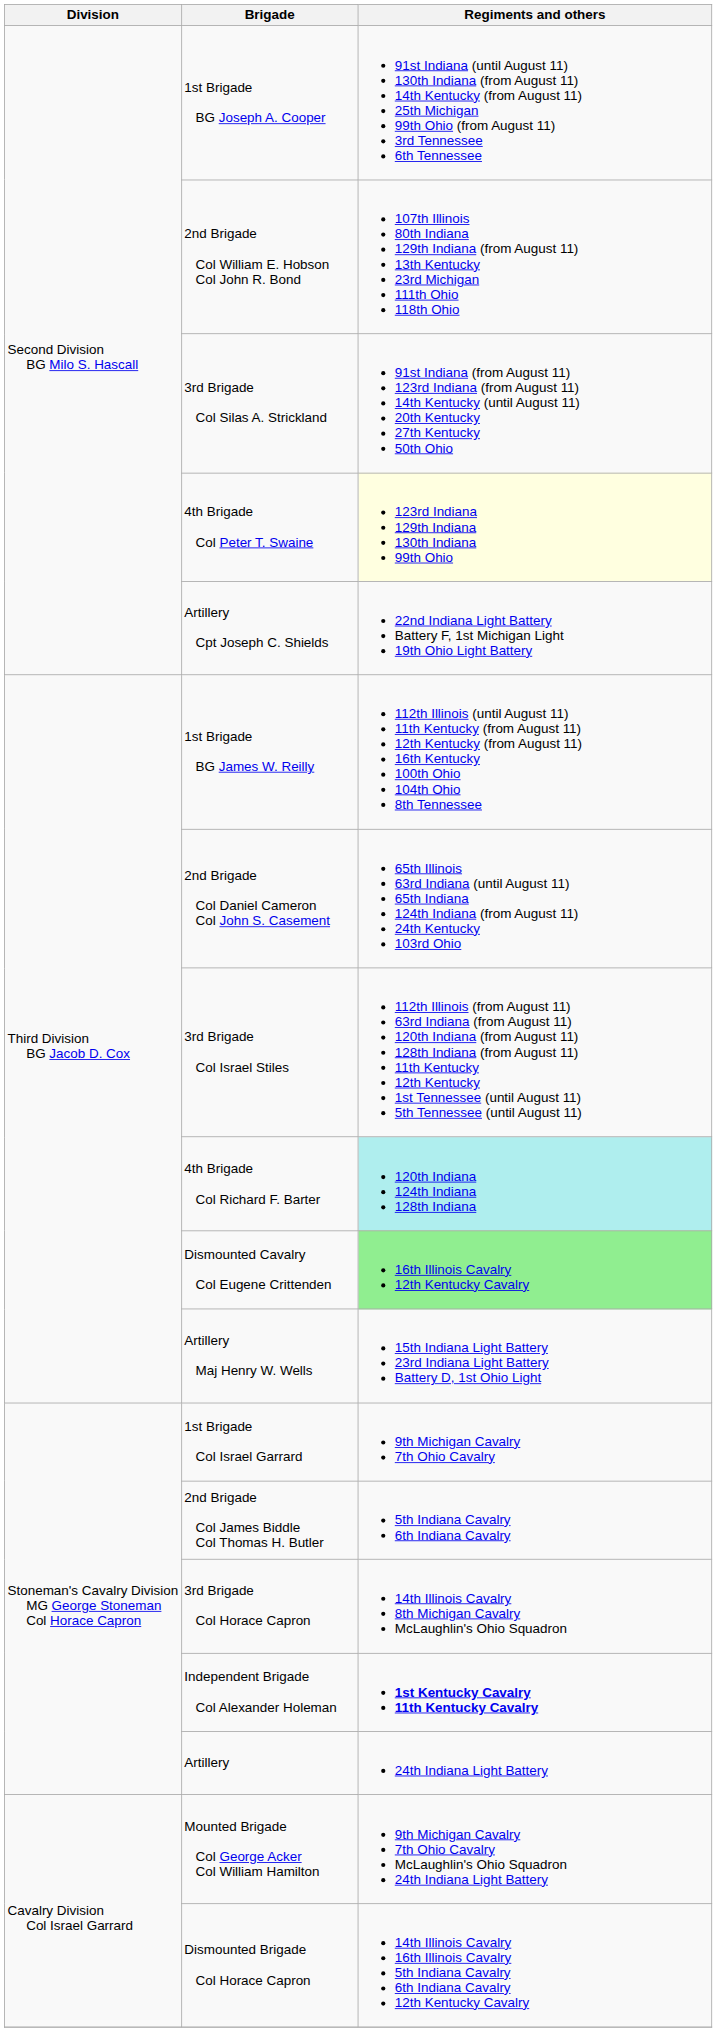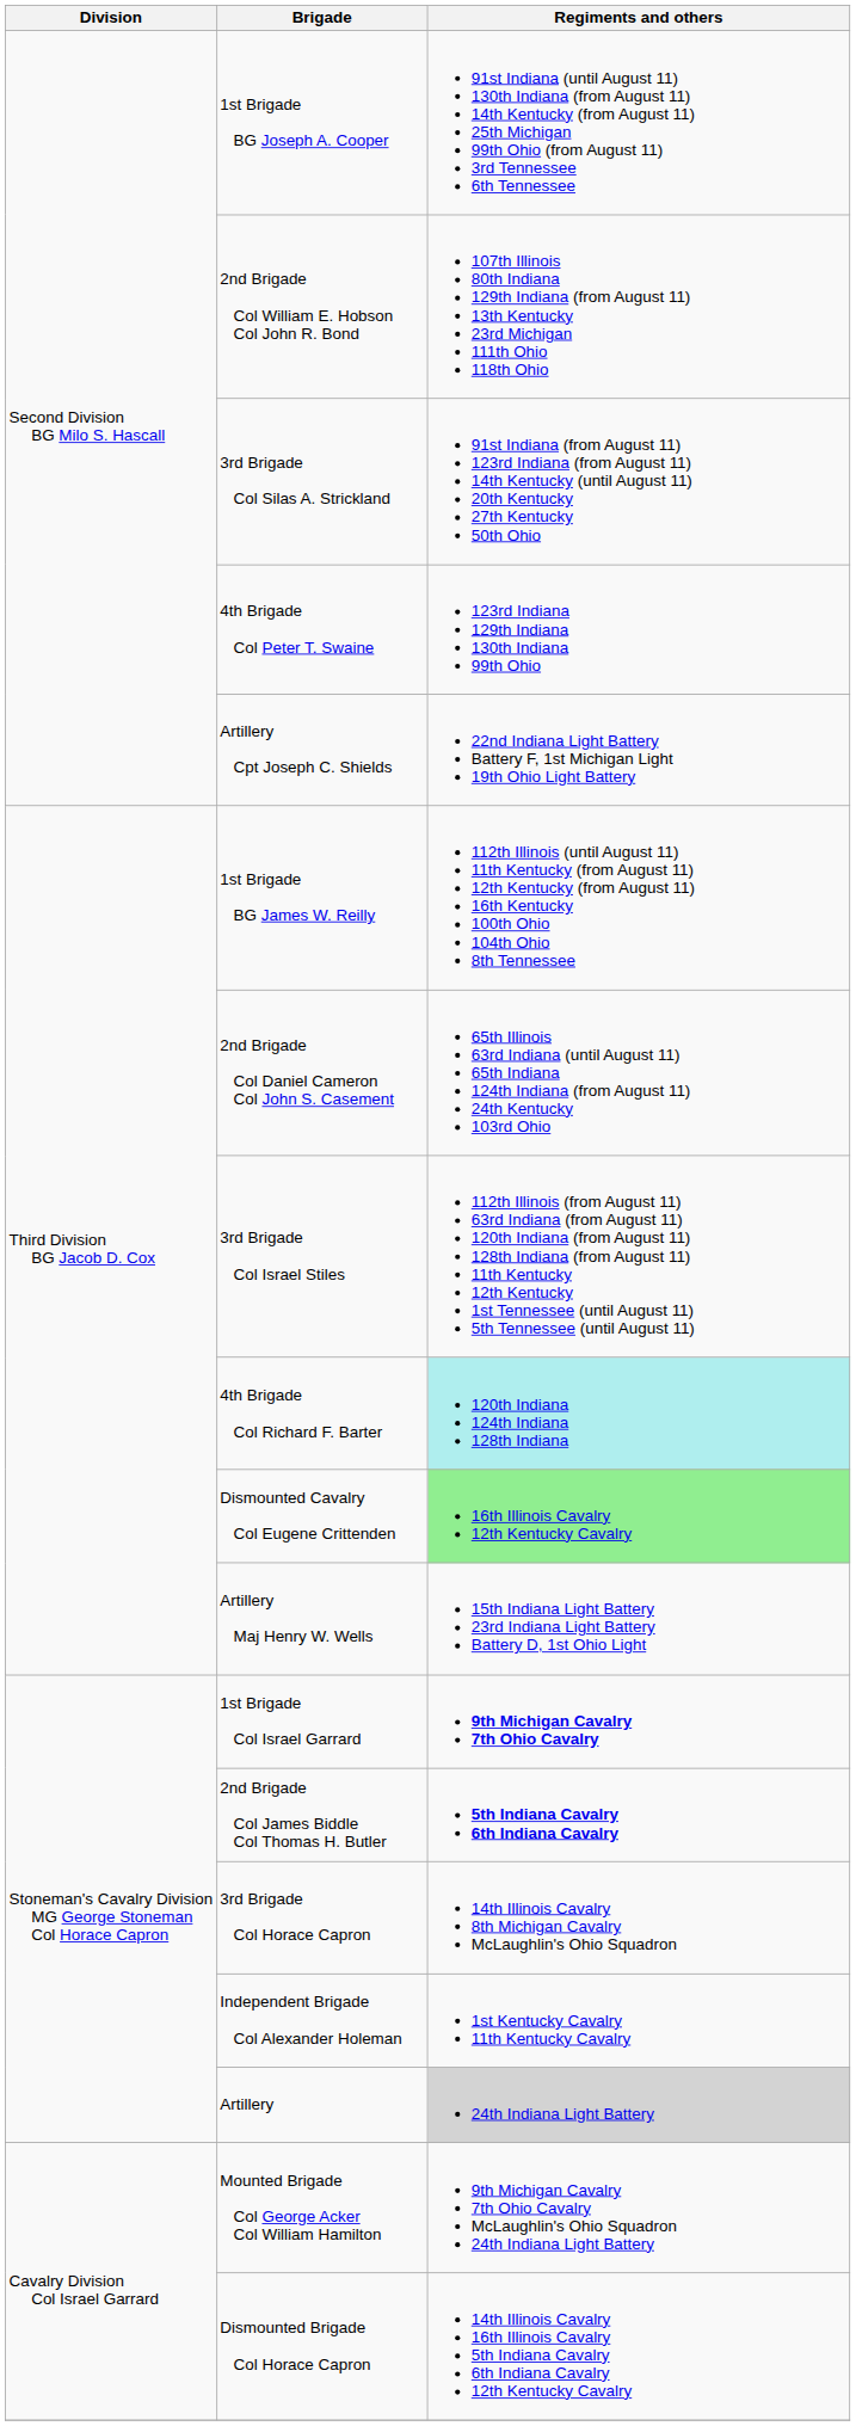 <table class="wikitable">
 <tr>
 <th width=25%>Division</th>
 <th width=25%>Brigade</th>
 <th>Regiments and others</th>
 </tr>
 <tr>
 <td rowspan=5><br>Second Division <br>     BG <a href='#'>Milo S. Hascall</a></td>
 <td>1st Brigade<br><br>   BG <a href='#'>Joseph A. Cooper</a></td>
 <td><br><ul><li><a href='#'>91st Indiana</a> (until August 11)</li><li><a href='#'>130th Indiana</a> (from August 11)</li><li><a href='#'>14th Kentucky</a> (from August 11)</li><li><a href='#'>25th Michigan</a></li><li><a href='#'>99th Ohio</a> (from August 11)</li><li><a href='#'>3rd Tennessee</a></li><li><a href='#'>6th Tennessee</a></li></ul></td>
 </tr>
 <tr>
 <td>2nd Brigade<br><br>   Col William E. Hobson<br>   Col John R. Bond</td>
 <td><br><ul><li><a href='#'>107th Illinois</a></li><li><a href='#'>80th Indiana</a></li><li><a href='#'>129th Indiana</a> (from August 11)</li><li><a href='#'>13th Kentucky</a></li><li><a href='#'>23rd Michigan</a></li><li><a href='#'>111th Ohio</a></li><li><a href='#'>118th Ohio</a></li></ul></td>
 </tr>
 <tr>
 <td>3rd Brigade<br><br>   Col Silas A. Strickland</td>
 <td><br><ul><li><a href='#'>91st Indiana</a> (from August 11)</li><li><a href='#'>123rd Indiana</a> (from August 11)</li><li><a href='#'>14th Kentucky</a> (until August 11)</li><li><a href='#'>20th Kentucky</a></li><li><a href='#'>27th Kentucky</a></li><li><a href='#'>50th Ohio</a></li></ul></td>
 </tr>
 <tr>
 <td>4th Brigade<br><br>   Col <a href='#'>Peter T. Swaine</a></td>
-<td style="background: lightyellow;"><br><ul><li><a href='#'>123rd Indiana</a></li><li><a href='#'>129th Indiana</a></li><li><a href='#'>130th Indiana</a></li><li><a href='#'>99th Ohio</a></li></ul></td>
+<td><br><ul><li><a href='#'>123rd Indiana</a></li><li><a href='#'>129th Indiana</a></li><li><a href='#'>130th Indiana</a></li><li><a href='#'>99th Ohio</a></li></ul></td>
 </tr>
 <tr>
 <td>Artillery<br><br>   Cpt Joseph C. Shields</td>
 <td><br><ul><li><a href='#'>22nd Indiana Light Battery</a></li><li>Battery F, 1st Michigan Light</li><li><a href='#'>19th Ohio Light Battery</a></li></ul></td>
 </tr>
 <tr>
 <td rowspan=6><br>Third Division <br>     BG <a href='#'>Jacob D. Cox</a></td>
 <td>1st Brigade<br><br>   BG <a href='#'>James W. Reilly</a></td>
 <td><br><ul><li><a href='#'>112th Illinois</a> (until August 11)</li><li><a href='#'>11th Kentucky</a> (from August 11)</li><li><a href='#'>12th Kentucky</a> (from August 11)</li><li><a href='#'>16th Kentucky</a></li><li><a href='#'>100th Ohio</a></li><li><a href='#'>104th Ohio</a></li><li><a href='#'>8th Tennessee</a></li></ul></td>
 </tr>
 <tr>
 <td>2nd Brigade<br><br>   Col Daniel Cameron<br>   Col <a href='#'>John S. Casement</a></td>
 <td><br><ul><li><a href='#'>65th Illinois</a></li><li><a href='#'>63rd Indiana</a> (until August 11)</li><li><a href='#'>65th Indiana</a></li><li><a href='#'>124th Indiana</a> (from August 11)</li><li><a href='#'>24th Kentucky</a></li><li><a href='#'>103rd Ohio</a></li></ul></td>
 </tr>
 <tr>
 <td>3rd Brigade<br><br>   Col Israel Stiles</td>
 <td><br><ul><li><a href='#'>112th Illinois</a> (from August 11)</li><li><a href='#'>63rd Indiana</a> (from August 11)</li><li><a href='#'>120th Indiana</a> (from August 11)</li><li><a href='#'>128th Indiana</a> (from August 11)</li><li><a href='#'>11th Kentucky</a></li><li><a href='#'>12th Kentucky</a></li><li><a href='#'>1st Tennessee</a> (until August 11)</li><li><a href='#'>5th Tennessee</a> (until August 11)</li></ul></td>
 </tr>
 <tr>
 <td>4th Brigade<br><br>   Col Richard F. Barter</td>
 <td style="background: paleturquoise;"><br><ul><li><a href='#'>120th Indiana</a></li><li><a href='#'>124th Indiana</a></li><li><a href='#'>128th Indiana</a></li></ul></td>
 </tr>
 <tr>
 <td>Dismounted Cavalry<br><br>   Col Eugene Crittenden</td>
 <td style="background: lightgreen;"><br><ul><li><a href='#'>16th Illinois Cavalry</a></li><li><a href='#'>12th Kentucky Cavalry</a></li></ul></td>
 </tr>
 <tr>
 <td>Artillery<br><br>   Maj Henry W. Wells</td>
 <td><br><ul><li><a href='#'>15th Indiana Light Battery</a></li><li><a href='#'>23rd Indiana Light Battery</a></li><li><a href='#'>Battery D, 1st Ohio Light</a></li></ul></td>
 </tr>
 <tr>
 <td rowspan=5><br>Stoneman's Cavalry Division <br>     MG <a href='#'>George Stoneman</a><br>     Col <a href='#'>Horace Capron</a></td>
 <td>1st Brigade<br><br>   Col Israel Garrard</td>
-<td><br><ul><li><a href='#'>9th Michigan Cavalry</a></li><li><a href='#'>7th Ohio Cavalry</a></li></ul></td>
+<td><strong><br><ul><li><a href='#'>9th Michigan Cavalry</a></li><li><a href='#'>7th Ohio Cavalry</a></li></ul></strong></td>
 </tr>
 <tr>
 <td>2nd Brigade<br><br>   Col James Biddle<br>   Col Thomas H. Butler</td>
-<td><br><ul><li><a href='#'>5th Indiana Cavalry</a></li><li><a href='#'>6th Indiana Cavalry</a></li></ul></td>
+<td><strong><br><ul><li><a href='#'>5th Indiana Cavalry</a></li><li><a href='#'>6th Indiana Cavalry</a></li></ul></strong></td>
 </tr>
 <tr>
 <td>3rd Brigade<br><br>   Col Horace Capron</td>
 <td><br><ul><li><a href='#'>14th Illinois Cavalry</a></li><li><a href='#'>8th Michigan Cavalry</a></li><li>McLaughlin's Ohio Squadron</li></ul></td>
 </tr>
 <tr>
 <td>Independent Brigade<br><br>   Col Alexander Holeman</td>
-<td><strong><br><ul><li><a href='#'>1st Kentucky Cavalry</a></li><li><a href='#'>11th Kentucky Cavalry</a></li></ul></strong></td>
+<td><br><ul><li><a href='#'>1st Kentucky Cavalry</a></li><li><a href='#'>11th Kentucky Cavalry</a></li></ul></td>
 </tr>
 <tr>
 <td>Artillery</td>
-<td><br><ul><li><a href='#'>24th Indiana Light Battery</a></li></ul></td>
+<td style="background: lightgrey;"><br><ul><li><a href='#'>24th Indiana Light Battery</a></li></ul></td>
 </tr>
 <tr>
 <td rowspan=2><br>Cavalry Division <br>     Col Israel Garrard</td>
 <td>Mounted Brigade<br><br>   Col <a href='#'>George Acker</a><br>   Col William Hamilton</td>
 <td><br><ul><li><a href='#'>9th Michigan Cavalry</a></li><li><a href='#'>7th Ohio Cavalry</a></li><li>McLaughlin's Ohio Squadron</li><li><a href='#'>24th Indiana Light Battery</a></li></ul></td>
 </tr>
 <tr>
 <td>Dismounted Brigade<br><br>   Col Horace Capron</td>
 <td><br><ul><li><a href='#'>14th Illinois Cavalry</a></li><li><a href='#'>16th Illinois Cavalry</a></li><li><a href='#'>5th Indiana Cavalry</a></li><li><a href='#'>6th Indiana Cavalry</a></li><li><a href='#'>12th Kentucky Cavalry</a></li></ul></td>
 </tr>
 <tr>
 </tr>
 </table>
